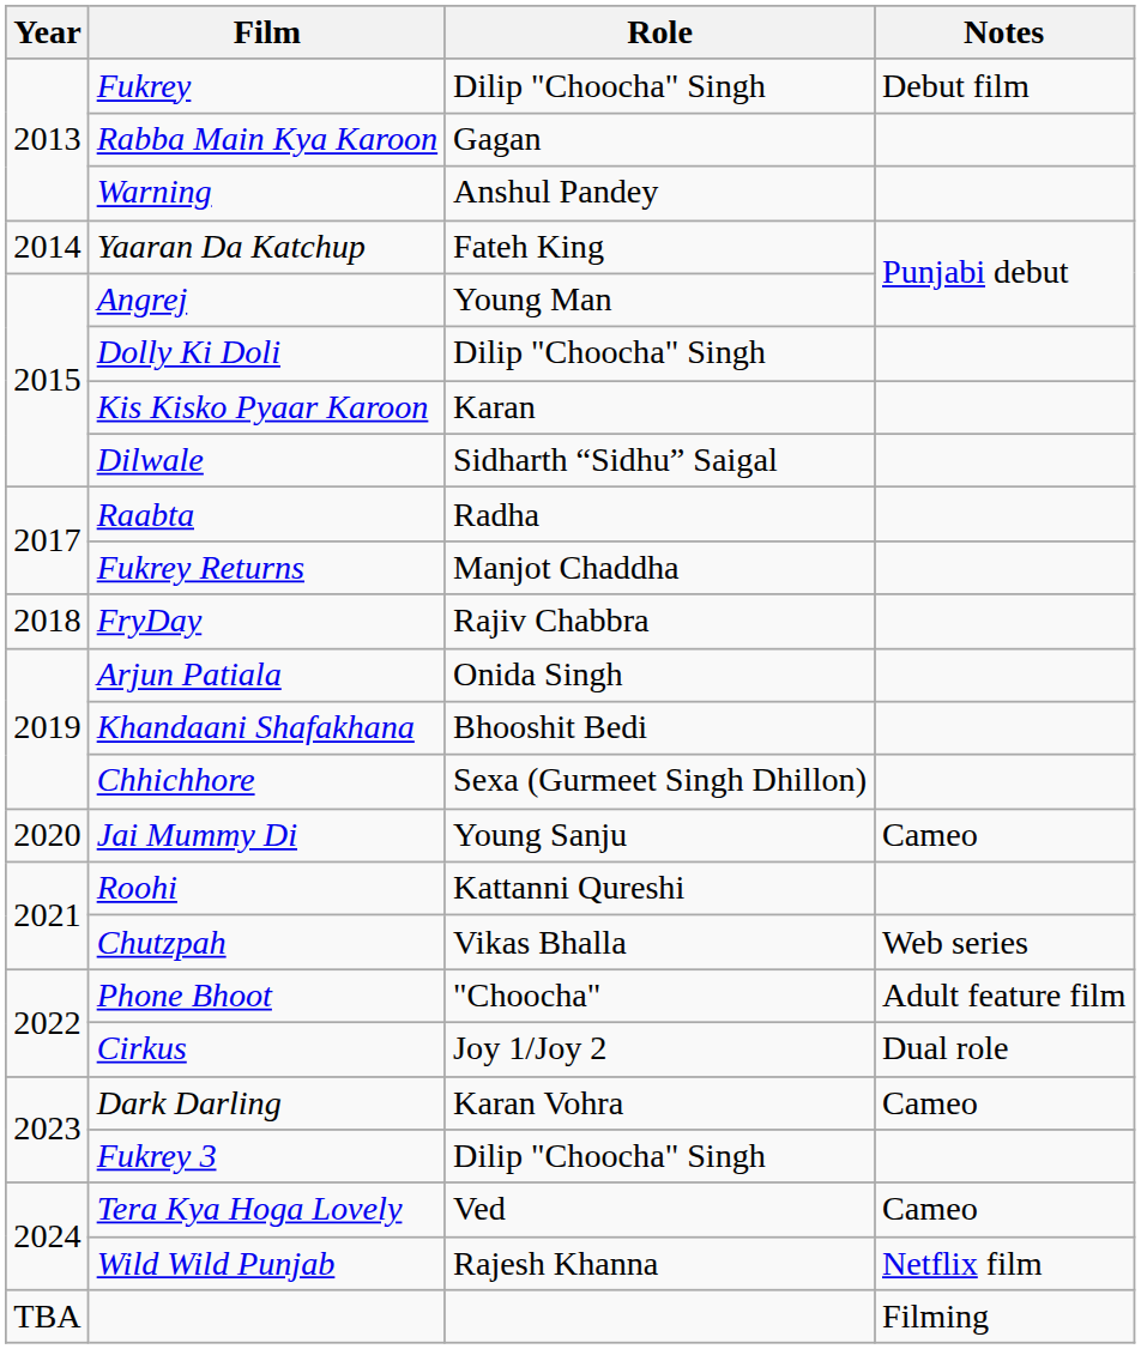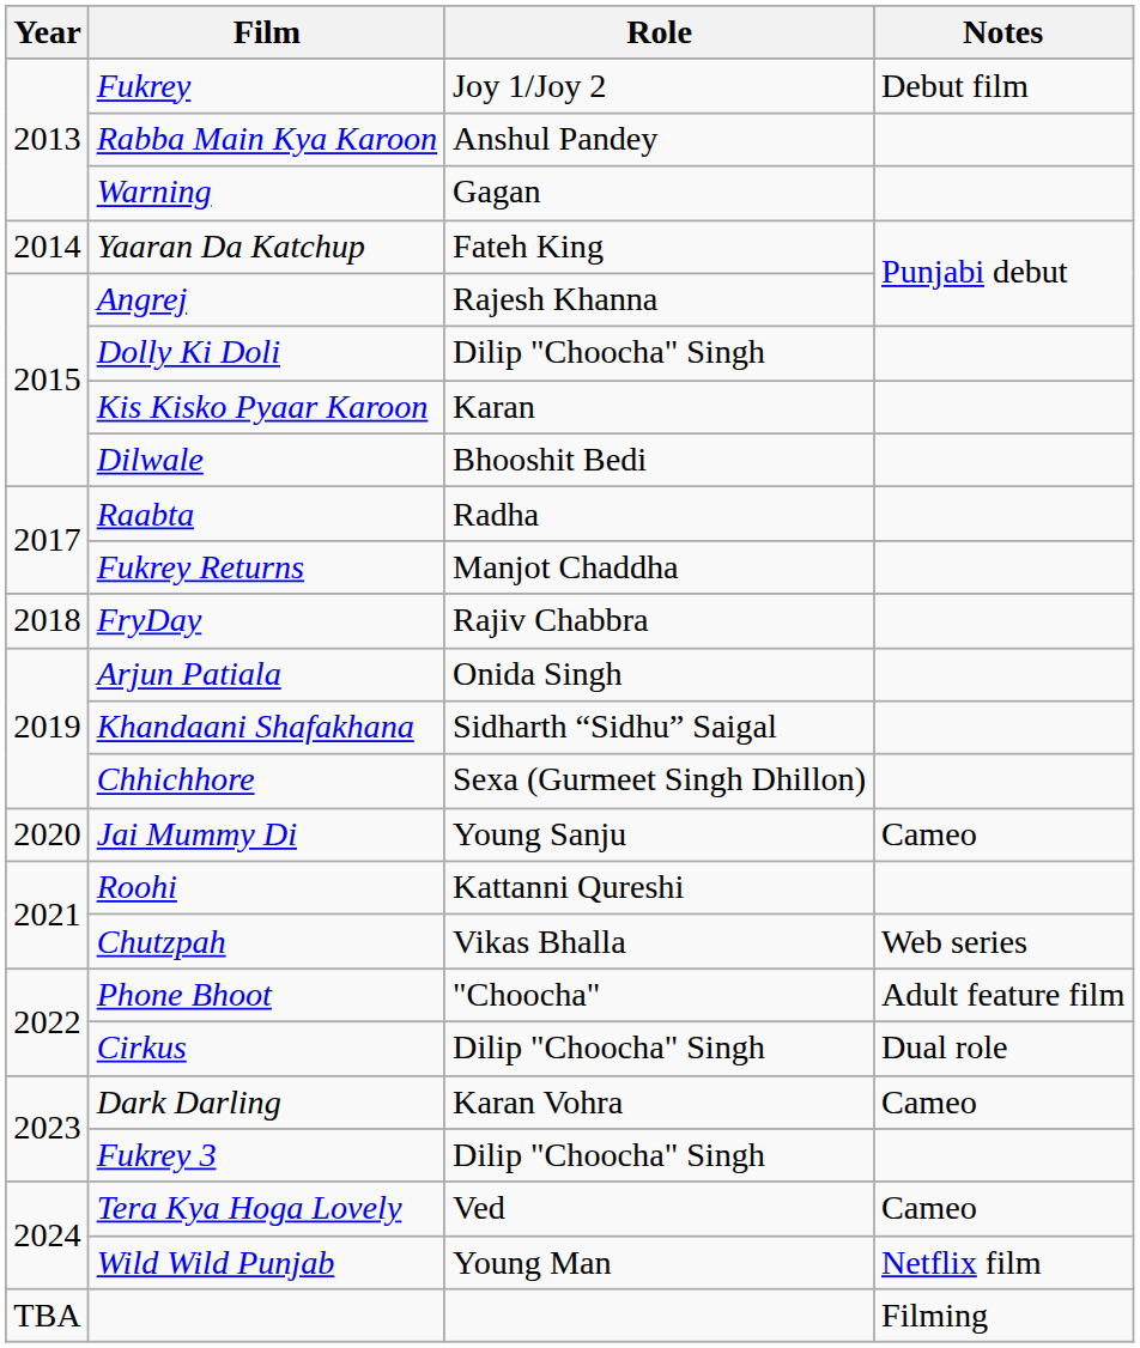 <table class="wikitable sortable plainrowheaders">
 <tr>
 <th scope=col>Year</th>
 <th Scope=col>Film</th>
 <th Scope=col>Role</th>
 <th Scope=col>Notes</th>
 </tr>
 <tr>
 <td rowspan="3">2013</td>
 <td><em><a href='#'>Fukrey</a></em></td>
-<td>Dilip "Choocha" Singh</td>
+<td>Joy 1/Joy 2</td>
 <td>Debut film</td>
 </tr>
 <tr>
 <td><em><a href='#'>Rabba Main Kya Karoon</a></em></td>
-<td>Gagan</td>
+<td>Anshul Pandey</td>
 <td></td>
 </tr>
 <tr>
 <td><em><a href='#'>Warning</a></em></td>
-<td>Anshul Pandey</td>
+<td>Gagan</td>
 <td></td>
 </tr>
 <tr>
 <td>2014</td>
 <td><em>Yaaran Da Katchup</em></td>
 <td>Fateh King</td>
 <td rowspan=2><a href='#'>Punjabi</a> debut</td>
 </tr>
 <tr>
 <td rowspan="4">2015</td>
 <td><em><a href='#'>Angrej</a></em></td>
-<td>Young Man</td>
+<td>Rajesh Khanna</td>
 </tr>
 <tr>
 <td><em><a href='#'>Dolly Ki Doli</a></em></td>
 <td>Dilip "Choocha" Singh</td>
 <td></td>
 </tr>
 <tr>
 <td><em><a href='#'>Kis Kisko Pyaar Karoon</a></em></td>
 <td>Karan</td>
 <td></td>
 </tr>
 <tr>
 <td><em><a href='#'>Dilwale</a></em></td>
-<td>Sidharth “Sidhu” Saigal</td>
+<td>Bhooshit Bedi</td>
 <td></td>
 </tr>
 <tr>
 <td rowspan="2">2017</td>
 <td><em><a href='#'>Raabta</a></em></td>
 <td>Radha</td>
 <td></td>
 </tr>
 <tr>
 <td><em><a href='#'>Fukrey Returns</a></em></td>
 <td>Manjot Chaddha</td>
 <td></td>
 </tr>
 <tr>
 <td>2018</td>
 <td><em><a href='#'>FryDay</a></em></td>
 <td>Rajiv Chabbra</td>
 <td></td>
 </tr>
 <tr>
 <td rowspan=3>2019</td>
 <td><em><a href='#'>Arjun Patiala</a></em></td>
 <td>Onida Singh</td>
 <td></td>
 </tr>
 <tr>
 <td><em><a href='#'>Khandaani Shafakhana</a></em></td>
-<td>Bhooshit Bedi</td>
+<td>Sidharth “Sidhu” Saigal</td>
 <td></td>
 </tr>
 <tr>
 <td><em><a href='#'>Chhichhore</a></em></td>
 <td>Sexa (Gurmeet Singh Dhillon)</td>
 <td></td>
 </tr>
 <tr>
 <td>2020</td>
 <td><em><a href='#'>Jai Mummy Di</a></em></td>
 <td>Young Sanju</td>
 <td>Cameo</td>
 </tr>
 <tr>
 <td rowspan='2'>2021</td>
 <td><em><a href='#'>Roohi</a></em></td>
 <td>Kattanni Qureshi</td>
 <td></td>
 </tr>
 <tr>
 <td><em><a href='#'>Chutzpah</a></em></td>
 <td>Vikas Bhalla</td>
 <td>Web series</td>
 </tr>
 <tr>
 <td rowspan='2'>2022</td>
 <td><em><a href='#'>Phone Bhoot</a></em></td>
 <td>"Choocha"</td>
 <td>Adult feature film</td>
 </tr>
 <tr>
 <td><a href='#'><em>Cirkus</em></a></td>
-<td>Joy 1/Joy 2</td>
+<td>Dilip "Choocha" Singh</td>
 <td>Dual role</td>
 </tr>
 <tr>
 <td rowspan="2">2023</td>
 <td><em>Dark Darling</em></td>
 <td>Karan Vohra</td>
 <td>Cameo</td>
 </tr>
 <tr>
 <td><em><a href='#'>Fukrey 3</a></em></td>
 <td>Dilip "Choocha" Singh</td>
 <td></td>
 </tr>
 <tr>
 <td rowspan="2">2024</td>
 <td><em><a href='#'>Tera Kya Hoga Lovely</a></em></td>
 <td>Ved</td>
 <td>Cameo</td>
 </tr>
 <tr>
 <td><em><a href='#'>Wild Wild Punjab</a></em></td>
-<td>Rajesh Khanna</td>
+<td>Young Man</td>
 <td><a href='#'>Netflix</a> film</td>
 </tr>
 <tr>
 <td>TBA</td>
 <td></td>
 <td></td>
 <td>Filming</td>
 </tr>
 </table>
